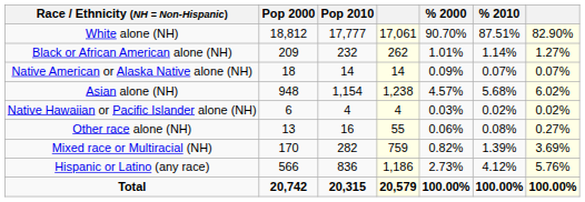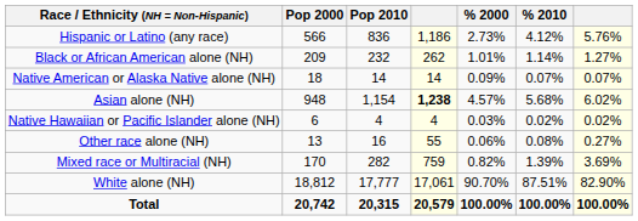 <table class="wikitable" style="text-align:center;">
 <tr>
 <th>Race / Ethnicity <small>(<em>NH = Non-Hispanic</em>)</small></th>
 <th>Pop 2000</th>
 <th>Pop 2010</th>
 <th></th>
 <th>% 2000</th>
 <th>% 2010</th>
 <th></th>
 </tr>
 <tr>
-<td><a href='#'>White</a> alone (NH)</td>
-<td>18,812</td>
-<td>17,777</td>
-<td style='background: #ffffe6;'>17,061</td>
-<td>90.70%</td>
-<td>87.51%</td>
-<td style='background: #ffffe6;'>82.90%</td>
+<td><a href='#'>Hispanic or Latino</a> (any race)</td>
+<td>566</td>
+<td>836</td>
+<td style='background: #ffffe6;'>1,186</td>
+<td>2.73%</td>
+<td>4.12%</td>
+<td style='background: #ffffe6;'>5.76%</td>
 </tr>
 <tr>
 <td><a href='#'>Black or African American</a> alone (NH)</td>
 <td>209</td>
 <td>232</td>
 <td style='background: #ffffe6;'>262</td>
 <td>1.01%</td>
 <td>1.14%</td>
 <td style='background: #ffffe6;'>1.27%</td>
 </tr>
 <tr>
 <td><a href='#'>Native American</a> or <a href='#'>Alaska Native</a> alone (NH)</td>
 <td>18</td>
 <td>14</td>
 <td style='background: #ffffe6;'>14</td>
 <td>0.09%</td>
 <td>0.07%</td>
 <td style='background: #ffffe6;'>0.07%</td>
 </tr>
 <tr>
 <td><a href='#'>Asian</a> alone (NH)</td>
 <td>948</td>
 <td>1,154</td>
-<td style='background: #ffffe6;'>1,238</td>
+<td style='background: #ffffe6;'><strong>1,238</strong></td>
 <td>4.57%</td>
 <td>5.68%</td>
 <td style='background: #ffffe6;'>6.02%</td>
 </tr>
 <tr>
 <td><a href='#'>Native Hawaiian</a> or <a href='#'>Pacific Islander</a> alone (NH)</td>
 <td>6</td>
 <td>4</td>
 <td style='background: #ffffe6;'>4</td>
 <td>0.03%</td>
 <td>0.02%</td>
 <td style='background: #ffffe6;'>0.02%</td>
 </tr>
 <tr>
 <td><a href='#'>Other race</a> alone (NH)</td>
 <td>13</td>
 <td>16</td>
 <td style='background: #ffffe6;'>55</td>
 <td>0.06%</td>
 <td>0.08%</td>
 <td style='background: #ffffe6;'>0.27%</td>
 </tr>
 <tr>
 <td><a href='#'>Mixed race or Multiracial</a> (NH)</td>
 <td>170</td>
 <td>282</td>
 <td style='background: #ffffe6;'>759</td>
 <td>0.82%</td>
 <td>1.39%</td>
 <td style='background: #ffffe6;'>3.69%</td>
 </tr>
 <tr>
-<td><a href='#'>Hispanic or Latino</a> (any race)</td>
-<td>566</td>
-<td>836</td>
-<td style='background: #ffffe6;'>1,186</td>
-<td>2.73%</td>
-<td>4.12%</td>
-<td style='background: #ffffe6;'>5.76%</td>
+<td><a href='#'>White</a> alone (NH)</td>
+<td>18,812</td>
+<td>17,777</td>
+<td style='background: #ffffe6;'>17,061</td>
+<td>90.70%</td>
+<td>87.51%</td>
+<td style='background: #ffffe6;'>82.90%</td>
 </tr>
 <tr>
 <td><strong>Total</strong></td>
 <td><strong>20,742</strong></td>
 <td><strong>20,315</strong></td>
 <td style='background: #ffffe6;'><strong>20,579</strong></td>
 <td><strong>100.00%</strong></td>
 <td><strong>100.00%</strong></td>
 <td style='background: #ffffe6;'><strong>100.00%</strong></td>
 </tr>
 </table>
